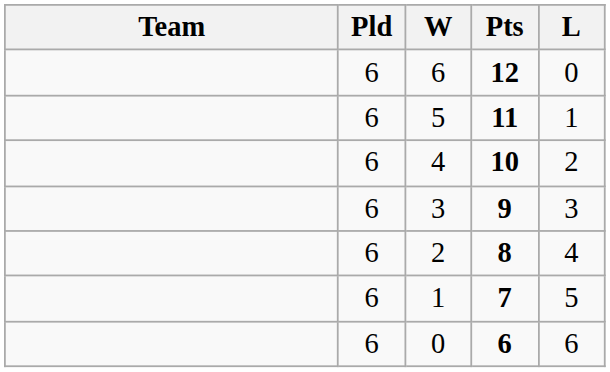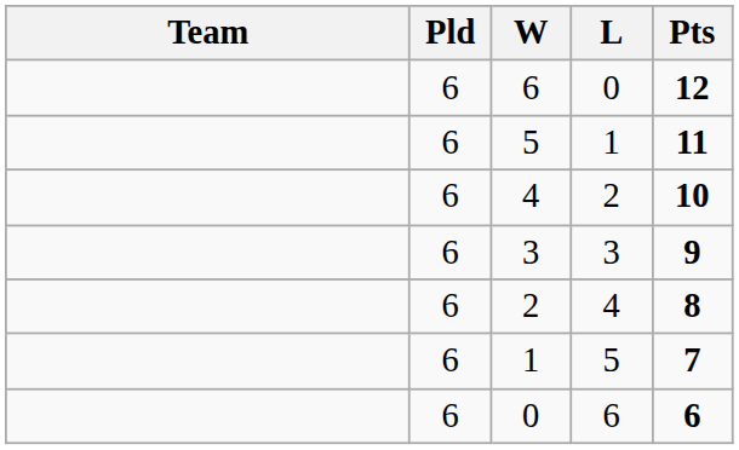 <table class=wikitable style="text-align:center">
 <tr>
 <th width=180>Team</th>
 <th width=30>Pld</th>
 <th width=30>W</th>
+<th width=30>L</th>
 <th width=30>Pts</th>
-<th width=30>L</th>
 </tr>
 <tr>
 <td align="left"></td>
 <td>6</td>
 <td>6</td>
+<td>0</td>
 <td><strong>12</strong></td>
-<td>0</td>
 </tr>
 <tr>
 <td align="left"></td>
 <td>6</td>
 <td>5</td>
+<td>1</td>
 <td><strong>11</strong></td>
-<td>1</td>
 </tr>
 <tr>
 <td align="left"></td>
 <td>6</td>
 <td>4</td>
+<td>2</td>
 <td><strong>10</strong></td>
-<td>2</td>
 </tr>
 <tr>
 <td align="left"></td>
 <td>6</td>
 <td>3</td>
+<td>3</td>
 <td><strong>9</strong></td>
-<td>3</td>
 </tr>
 <tr>
 <td align="left"></td>
 <td>6</td>
 <td>2</td>
+<td>4</td>
 <td><strong>8</strong></td>
-<td>4</td>
 </tr>
 <tr>
 <td align="left"></td>
 <td>6</td>
 <td>1</td>
+<td>5</td>
 <td><strong>7</strong></td>
-<td>5</td>
 </tr>
 <tr>
 <td align="left"></td>
 <td>6</td>
 <td>0</td>
+<td>6</td>
 <td><strong>6</strong></td>
-<td>6</td>
 </tr>
 </table>
